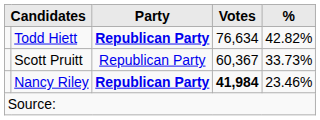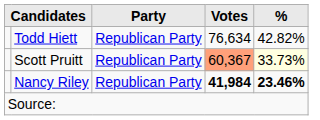 <table class=wikitable style="font-size:95%; text-align:right;">
 <tr>
 <th style="background:#e9e9e9; text-align:center;" colspan="2">Candidates</th>
 <th style="background:#e9e9e9; text-align:center;">Party</th>
 <th style="background:#e9e9e9; text-align:center;">Votes</th>
 <th style="background:#e9e9e9; text-align:center;">%</th>
 </tr>
 <tr>
 <td></td>
 <td align=left><a href='#'>Todd Hiett</a></td>
-<td align=center><strong><a href='#'>Republican Party</a></strong></td>
+<td align=center><a href='#'>Republican Party</a></td>
 <td>76,634</td>
 <td>42.82%</td>
 </tr>
 <tr>
 <td></td>
 <td align=left>Scott Pruitt</td>
 <td align=center><a href='#'>Republican Party</a></td>
-<td>60,367</td>
-<td>33.73%</td>
+<td style="background: lightsalmon;">60,367</td>
+<td style="background: lightyellow;">33.73%</td>
 </tr>
 <tr>
 <td></td>
 <td align=left><a href='#'>Nancy Riley</a></td>
-<td align=center><strong><a href='#'>Republican Party</a></strong></td>
+<td align=center><a href='#'>Republican Party</a></td>
 <td><strong>41,984</strong></td>
-<td>23.46%</td>
+<td><strong>23.46%</strong></td>
 </tr>
 <tr>
 <td style="text-align:left;" colspan="6">Source:</td>
 </tr>
 </table>
